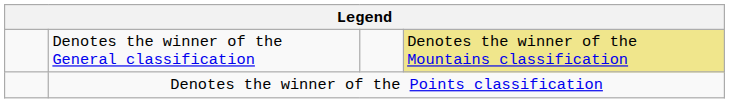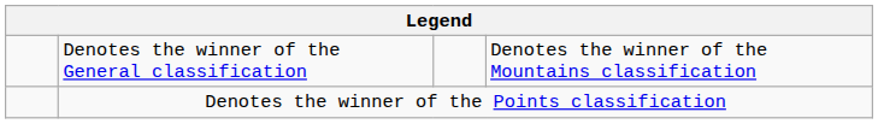 <table class="wikitable">
 <tr>
 <th colspan=4>Legend</th>
 </tr>
 <tr>
 <td>    </td>
 <td>Denotes the winner of the <a href='#'>General classification</a></td>
 <td>    </td>
-<td style="background: khaki;">Denotes the winner of the <a href='#'>Mountains classification</a></td>
+<td>Denotes the winner of the <a href='#'>Mountains classification</a></td>
 </tr>
 <tr>
 <td>    </td>
 <td align=center colspan="3">Denotes the winner of the <a href='#'>Points classification</a></td>
 </tr>
 </table>
